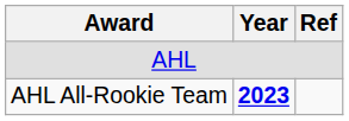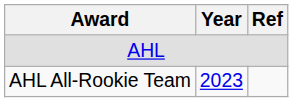 <table class="wikitable">
 <tr>
 <th>Award</th>
 <th>Year</th>
 <th>Ref</th>
 </tr>
 <tr ALIGN="center" bgcolor="#e0e0e0">
 <td colspan="3"><a href='#'>AHL</a></td>
 </tr>
 <tr>
 <td>AHL All-Rookie Team</td>
-<td><strong><a href='#'>2023</a></strong></td>
+<td><a href='#'>2023</a></td>
 <td></td>
 </tr>
 </table>
